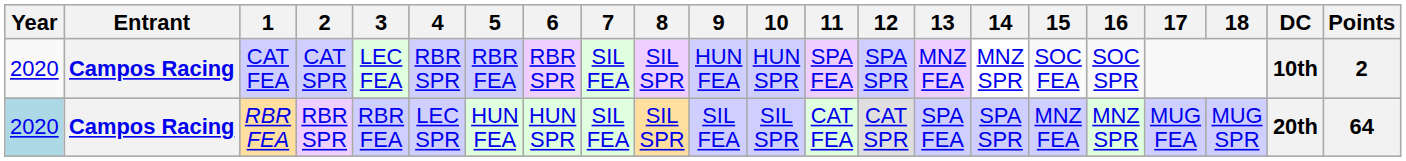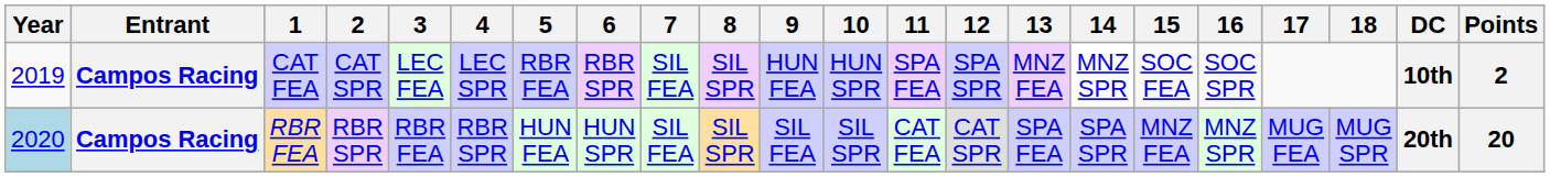 <table class="wikitable" style="text-align:center; font-size:85%">
 <tr>
 <th>Year</th>
 <th>Entrant</th>
 <th>1</th>
 <th>2</th>
 <th>3</th>
 <th>4</th>
 <th>5</th>
 <th>6</th>
 <th>7</th>
 <th>8</th>
 <th>9</th>
 <th>10</th>
 <th>11</th>
 <th>12</th>
 <th>13</th>
 <th>14</th>
 <th>15</th>
 <th>16</th>
 <th>17</th>
 <th>18</th>
 <th>DC</th>
 <th>Points</th>
 </tr>
 <tr>
-<td><a href='#'>2020</a></td>
+<td><a href='#'>2019</a></td>
 <th nowrap><a href='#'>Campos Racing</a></th>
 <td style="background:#CFCFFF"><a href='#'>CAT<br>FEA</a><br></td>
 <td style="background:#CFCFFF"><a href='#'>CAT<br>SPR</a><br></td>
 <td style="background:#DFFFDF"><a href='#'>LEC<br>FEA</a><br></td>
-<td style="background:#CFCFFF"><a href='#'>RBR<br>SPR</a><br> </td>
+<td style="background:#CFCFFF"><a href='#'>LEC<br>SPR</a><br></td>
 <td style="background:#CFCFFF"><a href='#'>RBR<br>FEA</a><br></td>
 <td style="background:#EFCFFF"><a href='#'>RBR<br>SPR</a><br></td>
 <td style="background:#DFFFDF"><a href='#'>SIL<br>FEA</a><br></td>
 <td style="background:#EFCFFF"><a href='#'>SIL<br>SPR</a><br></td>
 <td style="background:#CFCFFF"><a href='#'>HUN<br>FEA</a><br></td>
 <td style="background:#CFCFFF"><a href='#'>HUN<br>SPR</a><br></td>
 <td style="background:#EFCFFF"><a href='#'>SPA<br>FEA</a><br></td>
 <td style="background:#CFCFFF"><a href='#'>SPA<br>SPR</a><br></td>
 <td style="background:#EFCFFF"><a href='#'>MNZ<br>FEA</a><br></td>
 <td style="background:#FFFFFF"><a href='#'>MNZ<br>SPR</a><br></td>
 <td><a href='#'>SOC<br>FEA</a></td>
 <td><a href='#'>SOC<br>SPR</a></td>
 <td colspan=2></td>
 <th>10th</th>
 <th>2</th>
 </tr>
 <tr>
 <td style="background: lightblue;"><a href='#'>2020</a></td>
 <th nowrap><a href='#'>Campos Racing</a></th>
 <td style="background:#ffdf9f"><em><a href='#'>RBR<br>FEA</a></em><br></td>
 <td style="background:#EFCFFF"><a href='#'>RBR<br>SPR</a><br></td>
 <td style="background:#CFCFFF"><a href='#'>RBR<br>FEA</a><br> </td>
-<td style="background:#CFCFFF"><a href='#'>LEC<br>SPR</a><br></td>
+<td style="background:#CFCFFF"><a href='#'>RBR<br>SPR</a><br> </td>
 <td style="background:#DFFFDF"><a href='#'>HUN<br>FEA</a><br> </td>
 <td style="background:#DFFFDF"><a href='#'>HUN<br>SPR</a><br> </td>
 <td style="background:#DFFFDF"><a href='#'>SIL<br>FEA</a><br> </td>
 <td style="background:#FFDF9F"><a href='#'>SIL<br>SPR</a><br> </td>
 <td style="background:#CFCFFF"><a href='#'>SIL<br>FEA</a><br> </td>
 <td style="background:#CFCFFF"><a href='#'>SIL<br>SPR</a><br> </td>
 <td style="background:#DFFFDF"><a href='#'>CAT<br>FEA</a><br> </td>
 <td style="background:#DFDFDF"><a href='#'>CAT<br>SPR</a><br> </td>
 <td style="background:#CFCFFF"><a href='#'>SPA<br>FEA</a><br> </td>
 <td style="background:#CFCFFF"><a href='#'>SPA<br>SPR</a><br> </td>
 <td style="background:#CFCFFF"><a href='#'>MNZ<br>FEA</a><br></td>
 <td style="background:#DFFFDF"><a href='#'>MNZ<br>SPR</a><br></td>
 <td style="background:#CFCFFF"><a href='#'>MUG<br>FEA</a><br></td>
 <td style="background:#CFCFFF"><a href='#'>MUG<br>SPR</a><br></td>
 <th>20th</th>
-<th>64</th>
+<th>20</th>
 </tr>
 </table>
